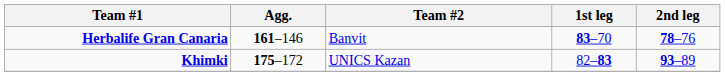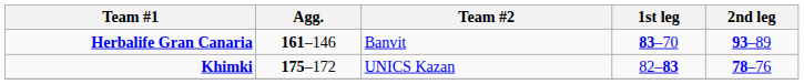 <table class=wikitable style="text-align:center">
 <tr>
 <th width=250>Team #1</th>
 <th width=100>Agg.</th>
 <th width=250>Team #2</th>
 <th width=88>1st leg</th>
 <th width=88>2nd leg</th>
 </tr>
 <tr>
 <td align=right><strong><a href='#'>Herbalife Gran Canaria</a></strong> </td>
 <td><strong>161</strong>–146</td>
 <td align=left> <a href='#'>Banvit</a></td>
 <td><a href='#'><strong>83</strong>–70</a></td>
-<td><a href='#'><strong>78</strong>–76</a></td>
+<td><a href='#'><strong>93</strong>–89</a></td>
 </tr>
 <tr>
 <td align=right><strong><a href='#'>Khimki</a></strong> </td>
 <td><strong>175</strong>–172</td>
 <td align=left> <a href='#'>UNICS Kazan</a></td>
 <td><a href='#'>82–<strong>83</strong></a></td>
-<td><a href='#'><strong>93</strong>–89</a></td>
+<td><a href='#'><strong>78</strong>–76</a></td>
 </tr>
 <tr>
 </tr>
 </table>
